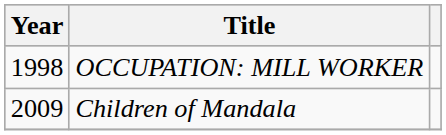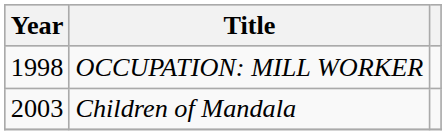 <table class="wikitable">
 <tr>
 <th>Year</th>
 <th>Title</th>
 <th scope="col" class="unsortable"></th>
 </tr>
 <tr>
 <td>1998</td>
 <td><em>OCCUPATION: MILL WORKER</em></td>
 <td style="text-align: center"></td>
 </tr>
 <tr>
-<td>2009</td>
+<td>2003</td>
 <td><em>Children of Mandala</em></td>
 <td style="text-align: center"></td>
 </tr>
 <tr>
 </tr>
 </table>
